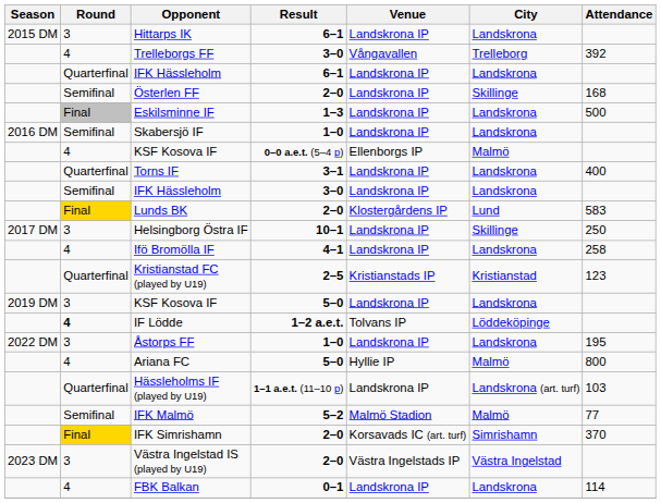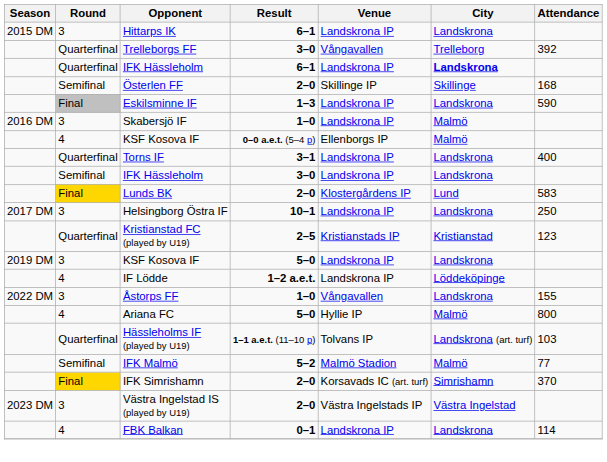 <table class="wikitable">
 <tr>
 <th>Season</th>
 <th>Round</th>
 <th>Opponent</th>
 <th>Result</th>
 <th>Venue</th>
 <th>City</th>
 <th>Attendance</th>
 </tr>
 <tr>
 <td>2015 DM</td>
 <td>3</td>
 <td><a href='#'>Hittarps IK</a></td>
 <td align=right><strong>6–1</strong></td>
 <td><a href='#'>Landskrona IP</a></td>
 <td><a href='#'>Landskrona</a></td>
 <td></td>
 </tr>
 <tr>
 <td></td>
-<td>4</td>
+<td>Quarterfinal</td>
 <td><a href='#'>Trelleborgs FF</a></td>
 <td align=right><strong>3–0</strong></td>
 <td><a href='#'>Vångavallen</a></td>
 <td><a href='#'>Trelleborg</a></td>
 <td>392</td>
 </tr>
 <tr>
 <td></td>
 <td>Quarterfinal</td>
 <td><a href='#'>IFK Hässleholm</a></td>
 <td align=right><strong>6–1</strong></td>
 <td><a href='#'>Landskrona IP</a></td>
-<td><a href='#'>Landskrona</a></td>
+<td><strong><a href='#'>Landskrona</a></strong></td>
 <td></td>
 </tr>
 <tr>
 <td></td>
 <td>Semifinal</td>
 <td><a href='#'>Österlen FF</a></td>
 <td align=right><strong>2–0</strong></td>
-<td><a href='#'>Landskrona IP</a></td>
+<td>Skillinge IP</td>
 <td><a href='#'>Skillinge</a></td>
 <td>168</td>
 </tr>
 <tr>
 <td></td>
 <td style="background:silver;">Final</td>
 <td><a href='#'>Eskilsminne IF</a></td>
 <td align=right><strong>1–3</strong></td>
 <td><a href='#'>Landskrona IP</a></td>
 <td><a href='#'>Landskrona</a></td>
-<td>500</td>
+<td>590</td>
 </tr>
 <tr>
 <td>2016 DM</td>
-<td>Semifinal</td>
+<td>3</td>
 <td>Skabersjö IF</td>
 <td align=right><strong>1–0</strong></td>
 <td><a href='#'>Landskrona IP</a></td>
-<td><a href='#'>Landskrona</a></td>
+<td><a href='#'>Malmö</a></td>
 <td></td>
 </tr>
 <tr>
 <td></td>
 <td>4</td>
 <td>KSF Kosova IF</td>
 <td align=right><small><strong>0–0 a.e.t.</strong> (5–4 <a href='#'>p</a>)</small></td>
 <td>Ellenborgs IP</td>
 <td><a href='#'>Malmö</a></td>
 <td></td>
 </tr>
 <tr>
 <td></td>
 <td>Quarterfinal</td>
 <td><a href='#'>Torns IF</a></td>
 <td align=right><strong>3–1</strong></td>
 <td><a href='#'>Landskrona IP</a></td>
 <td><a href='#'>Landskrona</a></td>
 <td>400</td>
 </tr>
 <tr>
 <td></td>
 <td>Semifinal</td>
 <td><a href='#'>IFK Hässleholm</a></td>
 <td align=right><strong>3–0</strong></td>
 <td><a href='#'>Landskrona IP</a></td>
 <td><a href='#'>Landskrona</a></td>
 <td></td>
 </tr>
 <tr>
 <td></td>
 <td style="background:gold;">Final</td>
 <td><a href='#'>Lunds BK</a></td>
 <td align=right><strong>2–0</strong></td>
 <td><a href='#'>Klostergårdens IP</a></td>
 <td><a href='#'>Lund</a></td>
 <td>583</td>
 </tr>
 <tr>
 <td>2017 DM</td>
 <td>3</td>
 <td>Helsingborg Östra IF</td>
 <td align=right><strong>10–1</strong></td>
 <td><a href='#'>Landskrona IP</a></td>
-<td><a href='#'>Skillinge</a></td>
+<td><a href='#'>Landskrona</a></td>
 <td>250</td>
-</tr>
-<tr>
-<td></td>
-<td>4</td>
-<td><a href='#'>Ifö Bromölla IF</a></td>
-<td align=right><strong>4–1</strong></td>
-<td><a href='#'>Landskrona IP</a></td>
-<td><a href='#'>Landskrona</a></td>
-<td>258</td>
 </tr>
 <tr>
 <td></td>
 <td>Quarterfinal</td>
 <td><a href='#'>Kristianstad FC</a><br><small>(played by U19)</small></td>
 <td align=right><strong>2–5</strong></td>
 <td><a href='#'>Kristianstads IP</a></td>
 <td><a href='#'>Kristianstad</a></td>
 <td>123</td>
 </tr>
 <tr>
 <td>2019 DM</td>
 <td>3</td>
 <td>KSF Kosova IF</td>
 <td align=right><strong>5–0</strong></td>
 <td><a href='#'>Landskrona IP</a></td>
 <td><a href='#'>Landskrona</a></td>
 <td></td>
 </tr>
 <tr>
 <td></td>
-<td><strong>4</strong></td>
+<td>4</td>
 <td>IF Lödde</td>
 <td align=right><strong>1–2 a.e.t.</strong></td>
-<td>Tolvans IP</td>
+<td>Landskrona IP</td>
 <td><a href='#'>Löddeköpinge</a></td>
 <td></td>
 </tr>
 <tr>
 <td>2022 DM</td>
 <td>3</td>
 <td><a href='#'>Åstorps FF</a></td>
 <td align=right><strong>1–0</strong></td>
-<td><a href='#'>Landskrona IP</a></td>
+<td><a href='#'>Vångavallen</a></td>
 <td><a href='#'>Landskrona</a></td>
-<td>195</td>
+<td>155</td>
 </tr>
 <tr>
 <td></td>
 <td>4</td>
 <td>Ariana FC</td>
 <td align=right><strong>5–0</strong></td>
 <td>Hyllie IP</td>
 <td><a href='#'>Malmö</a></td>
 <td>800</td>
 </tr>
 <tr>
 <td></td>
 <td>Quarterfinal</td>
 <td><a href='#'>Hässleholms IF</a><br><small>(played by U19)</small></td>
 <td align=right><small><strong>1–1 a.e.t.</strong> (11–10 <a href='#'>p</a>)</small></td>
-<td>Landskrona IP</td>
+<td>Tolvans IP</td>
 <td><a href='#'>Landskrona</a> <small>(art. turf)</small></td>
 <td>103</td>
 </tr>
 <tr>
 <td></td>
 <td>Semifinal</td>
 <td><a href='#'>IFK Malmö</a></td>
 <td align=right><strong>5–2</strong></td>
 <td><a href='#'>Malmö Stadion</a></td>
 <td><a href='#'>Malmö</a></td>
 <td>77</td>
 </tr>
 <tr>
 <td></td>
 <td style="background:gold;">Final</td>
 <td>IFK Simrishamn</td>
 <td align=right><strong>2–0</strong></td>
 <td>Korsavads IC <small>(art. turf)</small></td>
 <td><a href='#'>Simrishamn</a></td>
 <td>370</td>
 </tr>
 <tr>
 <td>2023 DM</td>
 <td>3</td>
 <td>Västra Ingelstad IS<br><small>(played by U19)</small></td>
 <td align=right><strong>2–0</strong></td>
 <td>Västra Ingelstads IP</td>
 <td><a href='#'>Västra Ingelstad</a></td>
 <td></td>
 </tr>
 <tr>
 <td></td>
 <td>4</td>
 <td><a href='#'>FBK Balkan</a></td>
 <td align=right><strong>0–1</strong></td>
 <td><a href='#'>Landskrona IP</a></td>
 <td><a href='#'>Landskrona</a></td>
 <td>114</td>
 </tr>
 <tr>
 </tr>
 </table>
